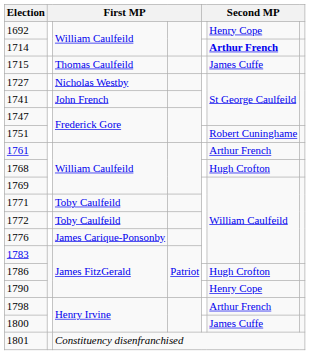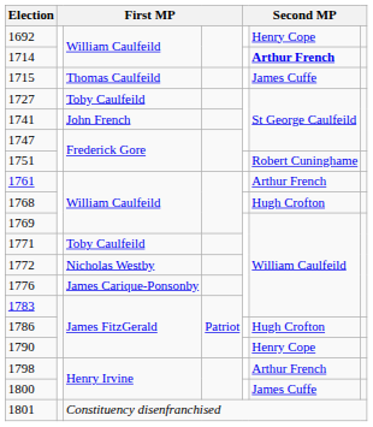 <table class="wikitable">
 <tr>
 <th>Election</th>
 <th colspan=3>First MP</th>
 <th colspan=3>Second MP</th>
 </tr>
 <tr>
 <td>1692</td>
 <td rowspan="2" style="background-color: white"></td>
 <td rowspan="2"><a href='#'>William Caulfeild</a></td>
 <td rowspan="2"></td>
 <td style="background-color: white"></td>
 <td><a href='#'>Henry Cope</a></td>
 <td></td>
 </tr>
 <tr>
 <td>1714</td>
 <td style="background-color: white"></td>
 <td><strong><a href='#'>Arthur French</a></strong></td>
 <td></td>
 </tr>
 <tr>
 <td>1715</td>
 <td style="background-color: white"></td>
 <td><a href='#'>Thomas Caulfeild</a></td>
 <td></td>
 <td style="background-color: white"></td>
 <td><a href='#'>James Cuffe</a></td>
 <td></td>
 </tr>
 <tr>
 <td>1727</td>
 <td style="background-color: white"></td>
-<td><a href='#'>Nicholas Westby</a></td>
+<td><a href='#'>Toby Caulfeild</a></td>
 <td></td>
 <td rowspan="3" style="background-color: white"></td>
 <td rowspan="3"><a href='#'>St George Caulfeild</a></td>
 <td rowspan="3"></td>
 </tr>
 <tr>
 <td>1741</td>
 <td style="background-color: white"></td>
 <td><a href='#'>John French</a></td>
 <td></td>
 </tr>
 <tr>
 <td>1747</td>
 <td rowspan="2" style="background-color: white"></td>
 <td rowspan="2"><a href='#'>Frederick Gore</a></td>
 <td rowspan="2"></td>
 </tr>
 <tr>
 <td>1751</td>
 <td style="background-color: white"></td>
 <td><a href='#'>Robert Cuninghame</a></td>
 <td></td>
 </tr>
 <tr>
 <td><a href='#'>1761</a></td>
 <td rowspan="3" style="background-color: white"></td>
 <td rowspan="3"><a href='#'>William Caulfeild</a></td>
 <td rowspan="3"></td>
 <td style="background-color: white"></td>
 <td><a href='#'>Arthur French</a></td>
 <td></td>
 </tr>
 <tr>
 <td>1768</td>
 <td style="background-color: white"></td>
 <td><a href='#'>Hugh Crofton</a></td>
 <td></td>
 </tr>
 <tr>
 <td>1769</td>
 <td rowspan="5" style="background-color: white"></td>
 <td rowspan="5"><a href='#'>William Caulfeild</a></td>
 <td rowspan="5"></td>
 </tr>
 <tr>
 <td>1771</td>
 <td style="background-color: white"></td>
 <td><a href='#'>Toby Caulfeild</a></td>
 <td></td>
 </tr>
 <tr>
 <td>1772</td>
 <td style="background-color: white"></td>
-<td><a href='#'>Toby Caulfeild</a></td>
+<td><a href='#'>Nicholas Westby</a></td>
 <td></td>
 </tr>
 <tr>
 <td>1776</td>
 <td style="background-color: white"></td>
 <td><a href='#'>James Carique-Ponsonby</a></td>
 <td></td>
 </tr>
 <tr>
 <td><a href='#'>1783</a></td>
 <td rowspan="3" style="background-color: "></td>
 <td rowspan="3"><a href='#'>James FitzGerald</a></td>
 <td rowspan="3"><a href='#'>Patriot</a></td>
 </tr>
 <tr>
 <td>1786</td>
 <td style="background-color: white"></td>
 <td><a href='#'>Hugh Crofton</a></td>
 <td></td>
 </tr>
 <tr>
 <td>1790</td>
 <td style="background-color: white"></td>
 <td><a href='#'>Henry Cope</a></td>
 <td></td>
 </tr>
 <tr>
 <td>1798</td>
 <td rowspan="2" style="background-color: white"></td>
 <td rowspan="2"><a href='#'>Henry Irvine</a></td>
 <td rowspan="2"></td>
 <td style="background-color: white"></td>
 <td><a href='#'>Arthur French</a></td>
 <td></td>
 </tr>
 <tr>
 <td>1800</td>
 <td style="background-color: white"></td>
 <td><a href='#'>James Cuffe</a></td>
 <td></td>
 </tr>
 <tr>
 <td>1801</td>
 <td></td>
 <td colspan = "5"><em>Constituency disenfranchised</em></td>
 </tr>
 </table>
